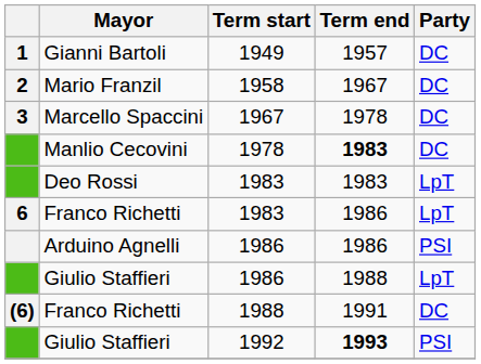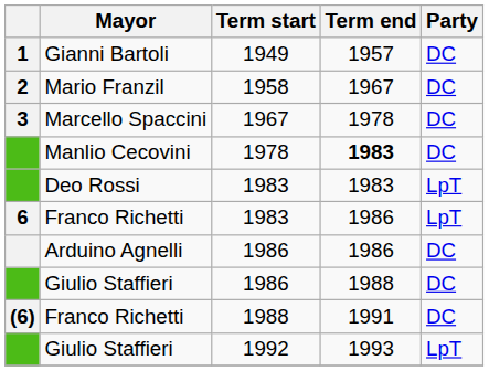 <table class="wikitable">
 <tr>
 <th class=unsortable> </th>
 <th>Mayor</th>
 <th>Term start</th>
 <th>Term end</th>
 <th>Party</th>
 </tr>
 <tr>
 <th style="background:">1</th>
 <td>Gianni Bartoli</td>
 <td align=center>1949</td>
 <td align=center>1957</td>
 <td><a href='#'>DC</a></td>
 </tr>
 <tr>
 <th style="background:">2</th>
 <td>Mario Franzil</td>
 <td align=center>1958</td>
 <td align=center>1967</td>
 <td><a href='#'>DC</a></td>
 </tr>
 <tr>
 <th style="background:">3</th>
 <td>Marcello Spaccini</td>
 <td align=center>1967</td>
 <td align=center>1978</td>
 <td><a href='#'>DC</a></td>
 </tr>
 <tr>
 <th style="background:#4CBB17;"></th>
 <td>Manlio Cecovini</td>
 <td align=center>1978</td>
 <td align=center><strong>1983</strong></td>
 <td><a href='#'>DC</a></td>
 </tr>
 <tr>
 <th style="background:#4CBB17;"></th>
 <td>Deo Rossi</td>
 <td align=center>1983</td>
 <td align=center>1983</td>
 <td><a href='#'>LpT</a></td>
 </tr>
 <tr>
 <th style="background:">6</th>
 <td>Franco Richetti</td>
 <td align=center>1983</td>
 <td align=center>1986</td>
 <td><a href='#'>LpT</a></td>
 </tr>
 <tr>
 <th style="background:"></th>
 <td>Arduino Agnelli</td>
 <td align=center>1986</td>
 <td align=center>1986</td>
-<td><a href='#'>PSI</a></td>
+<td><a href='#'>DC</a></td>
 </tr>
 <tr>
 <th style="background:#4CBB17;"></th>
 <td>Giulio Staffieri</td>
 <td align=center>1986</td>
 <td align=center>1988</td>
-<td><a href='#'>LpT</a></td>
+<td><a href='#'>DC</a></td>
 </tr>
 <tr>
 <th style="background:">(6)</th>
 <td>Franco Richetti</td>
 <td align=center>1988</td>
 <td align=center>1991</td>
 <td><a href='#'>DC</a></td>
 </tr>
 <tr>
 <th style="background:#4CBB17;"></th>
 <td>Giulio Staffieri</td>
 <td align=center>1992</td>
-<td align=center><strong>1993</strong></td>
-<td><a href='#'>PSI</a></td>
+<td align=center>1993</td>
+<td><a href='#'>LpT</a></td>
 </tr>
 <tr>
 </tr>
 </table>
